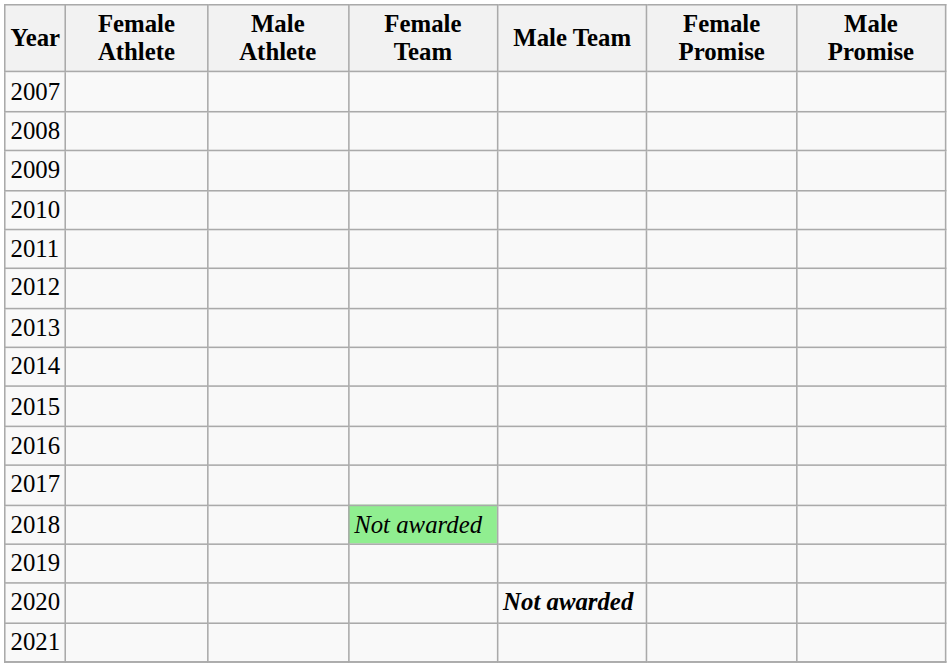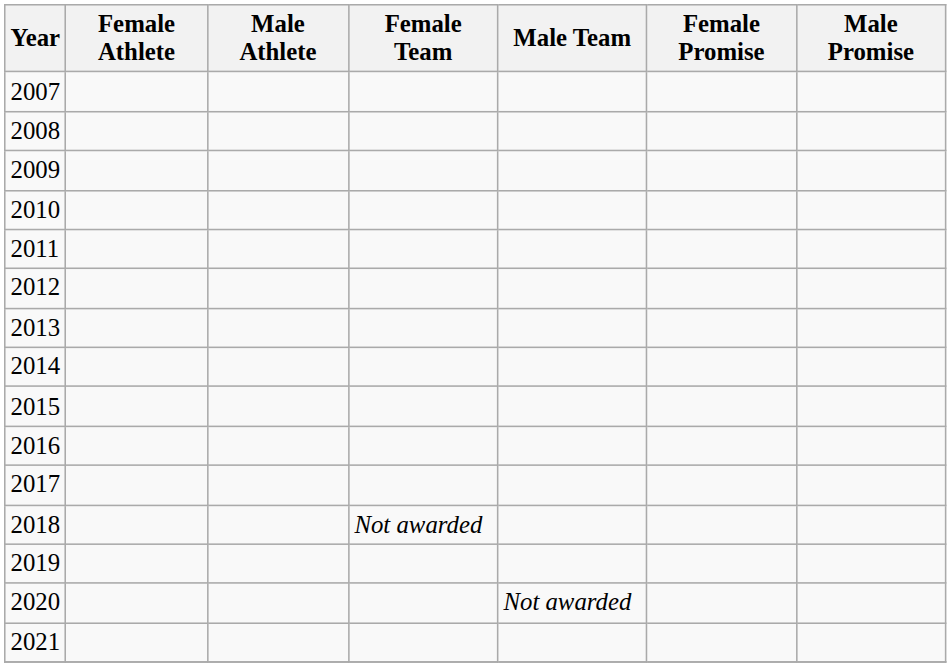 <table class="wikitable sortable">
 <tr>
 <th style="width:30px;">Year</th>
 <th width=300px>Female Athlete</th>
 <th width=300px>Male Athlete</th>
 <th width=300px>Female Team</th>
 <th width=300px>Male Team</th>
 <th width=300px>Female Promise</th>
 <th width=300px>Male Promise</th>
 </tr>
 <tr>
 <td>2007</td>
 <td></td>
 <td></td>
 <td></td>
 <td></td>
 <td></td>
 <td></td>
 </tr>
 <tr>
 <td>2008</td>
 <td></td>
 <td></td>
 <td></td>
 <td></td>
 <td></td>
 <td></td>
 </tr>
 <tr>
 <td>2009</td>
 <td></td>
 <td></td>
 <td></td>
 <td></td>
 <td></td>
 <td></td>
 </tr>
 <tr>
 <td>2010</td>
 <td></td>
 <td></td>
 <td></td>
 <td></td>
 <td></td>
 <td></td>
 </tr>
 <tr>
 <td>2011</td>
 <td></td>
 <td></td>
 <td></td>
 <td></td>
 <td></td>
 <td></td>
 </tr>
 <tr>
 <td>2012</td>
 <td></td>
 <td></td>
 <td></td>
 <td></td>
 <td></td>
 <td></td>
 </tr>
 <tr>
 <td>2013</td>
 <td></td>
 <td></td>
 <td></td>
 <td></td>
 <td></td>
 <td></td>
 </tr>
 <tr>
 <td>2014</td>
 <td></td>
 <td></td>
 <td></td>
 <td></td>
 <td></td>
 <td></td>
 </tr>
 <tr>
 <td>2015</td>
 <td></td>
 <td></td>
 <td></td>
 <td></td>
 <td></td>
 <td></td>
 </tr>
 <tr>
 <td>2016</td>
 <td></td>
 <td></td>
 <td></td>
 <td></td>
 <td></td>
 <td></td>
 </tr>
 <tr>
 <td>2017</td>
 <td></td>
 <td></td>
 <td></td>
 <td></td>
 <td></td>
 <td></td>
 </tr>
 <tr>
 <td>2018</td>
 <td></td>
 <td></td>
-<td style="background: lightgreen;"><em>Not awarded</em></td>
+<td><em>Not awarded</em></td>
 <td></td>
 <td></td>
 <td></td>
 </tr>
 <tr>
 <td>2019</td>
 <td></td>
 <td></td>
 <td></td>
 <td></td>
 <td></td>
 <td></td>
 </tr>
 <tr>
 <td>2020</td>
 <td></td>
 <td></td>
 <td></td>
-<td><strong><em>Not awarded</em></strong></td>
+<td><em>Not awarded</em></td>
 <td></td>
 <td></td>
 </tr>
 <tr>
 <td>2021</td>
 <td></td>
 <td></td>
 <td></td>
 <td></td>
 <td></td>
 <td></td>
 </tr>
 <tr>
 </tr>
 </table>
